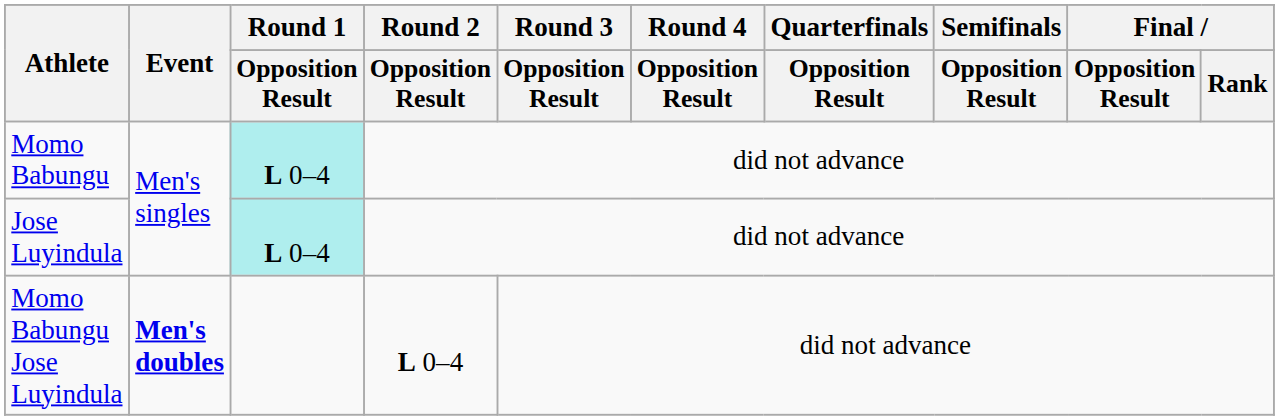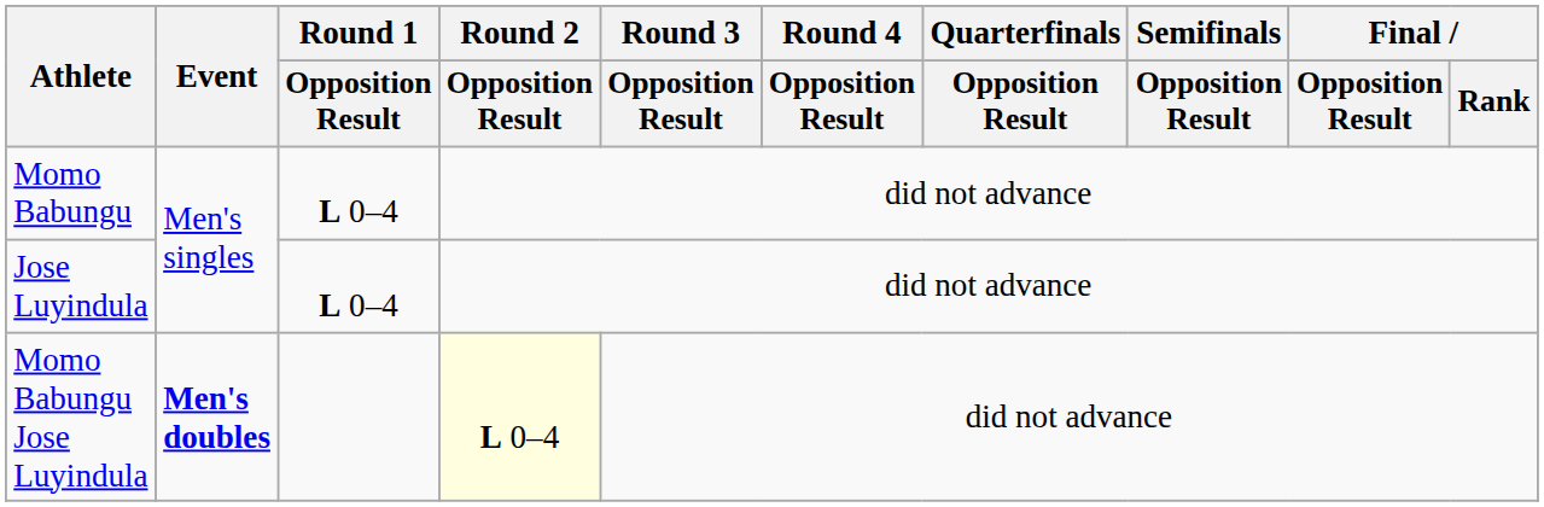 <table class="wikitable" style="font-size:90%">
 <tr>
 <th rowspan="2">Athlete</th>
 <th rowspan="2">Event</th>
 <th>Round 1</th>
 <th>Round 2</th>
 <th>Round 3</th>
 <th>Round 4</th>
 <th>Quarterfinals</th>
 <th>Semifinals</th>
 <th colspan=2>Final / </th>
 </tr>
 <tr style="font-size:95%">
 <th>Opposition<br>Result</th>
 <th>Opposition<br>Result</th>
 <th>Opposition<br>Result</th>
 <th>Opposition<br>Result</th>
 <th>Opposition<br>Result</th>
 <th>Opposition<br>Result</th>
 <th>Opposition<br>Result</th>
 <th>Rank</th>
 </tr>
 <tr align=center>
 <td align=left><a href='#'>Momo Babungu</a></td>
 <td align=left rowspan=2><a href='#'>Men's singles</a></td>
-<td style="background: paleturquoise;"><br><strong>L</strong> 0–4</td>
+<td><br><strong>L</strong> 0–4</td>
 <td colspan=7>did not advance</td>
 </tr>
 <tr align=center>
 <td align=left><a href='#'>Jose Luyindula</a></td>
-<td style="background: paleturquoise;"><br><strong>L</strong> 0–4</td>
+<td><br><strong>L</strong> 0–4</td>
 <td colspan=7>did not advance</td>
 </tr>
 <tr align=center>
 <td align=left><a href='#'>Momo Babungu</a><br><a href='#'>Jose Luyindula</a></td>
 <td align=left><strong><a href='#'>Men's doubles</a></strong></td>
 <td></td>
-<td><br><strong>L</strong> 0–4</td>
+<td style="background: lightyellow;"><br><strong>L</strong> 0–4</td>
 <td colspan=6>did not advance</td>
 </tr>
 </table>
